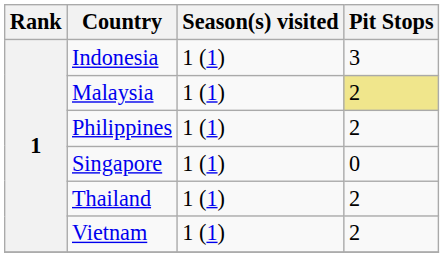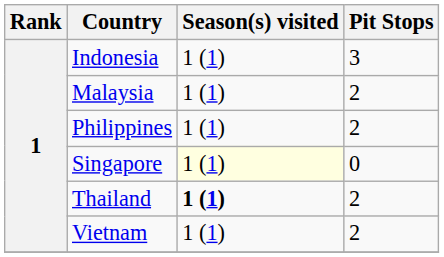 <table class="wikitable">
 <tr>
 <th>Rank</th>
 <th>Country</th>
 <th>Season(s) visited</th>
 <th>Pit Stops</th>
 </tr>
 <tr>
 <th rowspan="6">1</th>
 <td><a href='#'>Indonesia</a></td>
 <td>1 (<a href='#'>1</a>)</td>
 <td>3</td>
 </tr>
 <tr>
 <td><a href='#'>Malaysia</a></td>
 <td>1 (<a href='#'>1</a>)</td>
-<td style="background: khaki;">2</td>
+<td>2</td>
 </tr>
 <tr>
 <td><a href='#'>Philippines</a></td>
 <td>1 (<a href='#'>1</a>)</td>
 <td>2</td>
 </tr>
 <tr>
 <td><a href='#'>Singapore</a></td>
-<td>1 (<a href='#'>1</a>)</td>
+<td style="background: lightyellow;">1 (<a href='#'>1</a>)</td>
 <td>0</td>
 </tr>
 <tr>
 <td><a href='#'>Thailand</a></td>
-<td>1 (<a href='#'>1</a>)</td>
+<td><strong>1 (<a href='#'>1</a>)</strong></td>
 <td>2</td>
 </tr>
 <tr>
 <td><a href='#'>Vietnam</a></td>
 <td>1 (<a href='#'>1</a>)</td>
 <td>2</td>
 </tr>
 <tr>
 </tr>
 </table>
